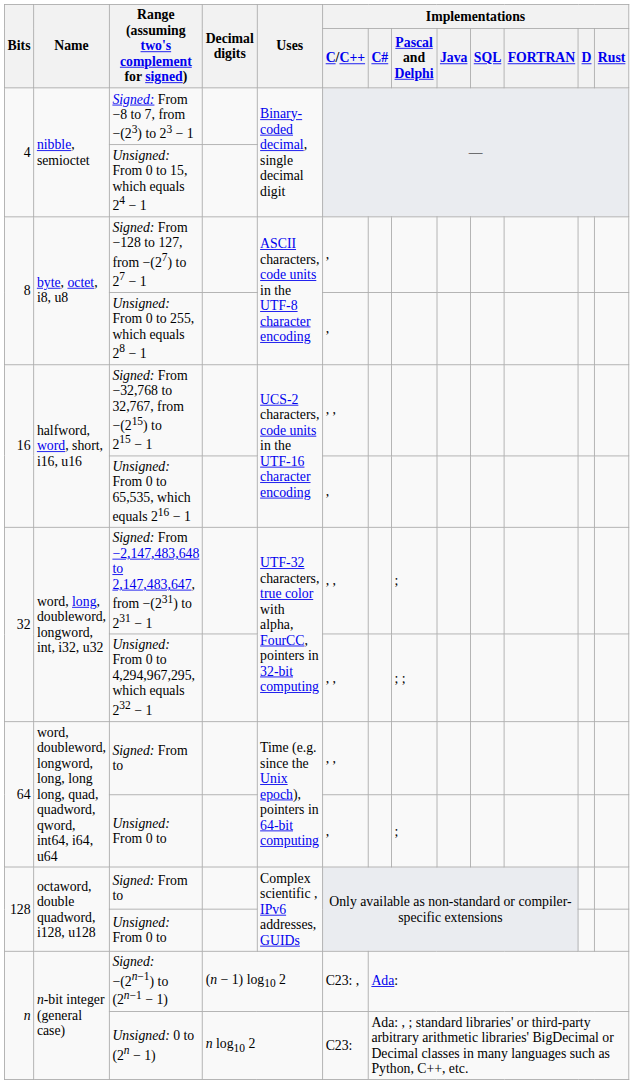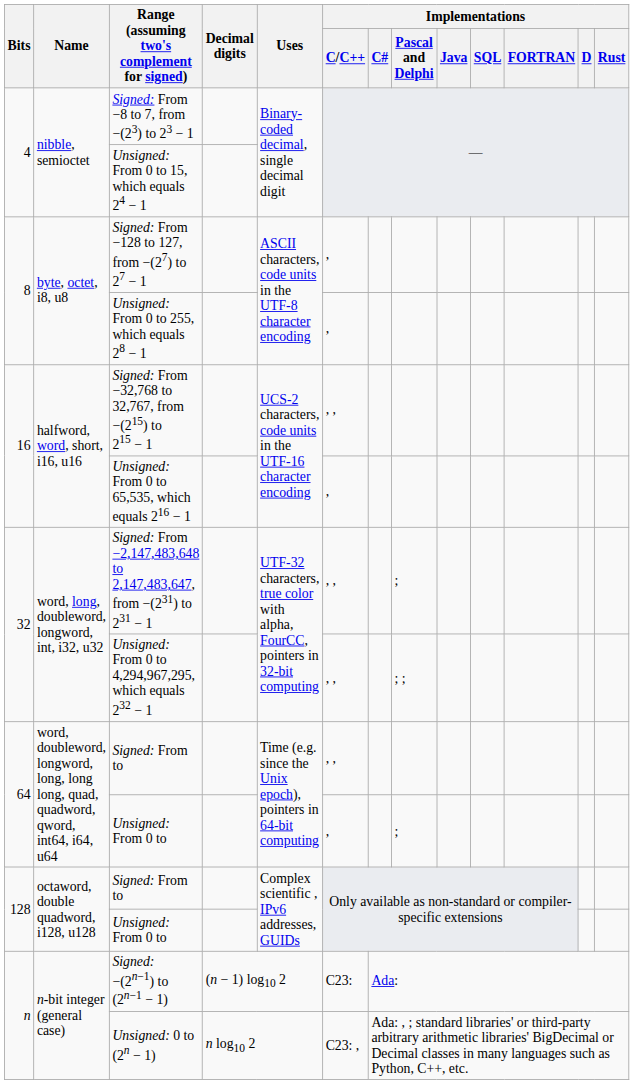 <table class="wikitable">
 <tr>
 <th rowspan="2">Bits</th>
 <th rowspan="2">Name</th>
 <th rowspan="2">Range (assuming <a href='#'>two's complement</a> for <a href='#'>signed</a>)</th>
 <th rowspan="2">Decimal digits</th>
 <th rowspan="2">Uses</th>
 <th colspan="8" scope="col">Implementations</th>
 </tr>
 <tr>
 <th><a href='#'>C</a>/<a href='#'>C++</a></th>
 <th><a href='#'>C#</a></th>
 <th><a href='#'>Pascal</a> and <a href='#'>Delphi</a></th>
 <th><a href='#'>Java</a></th>
 <th><a href='#'>SQL</a></th>
 <th><a href='#'>FORTRAN</a></th>
 <th><a href='#'>D</a></th>
 <th><a href='#'>Rust</a></th>
 </tr>
 <tr>
 <td rowspan="2" style="text-align: right;">4</td>
 <td rowspan="2"><a href='#'>nibble</a>, semioctet</td>
 <td><em><a href='#'>Signed:</a></em> From −8 to 7, from −(2<sup>3</sup>) to 2<sup>3</sup> − 1</td>
 <td style="text-align: right;"></td>
 <td rowspan="2"><a href='#'>Binary-coded decimal</a>, single decimal digit </td>
 <td colspan="8" rowspan="2" style="text-align: center; background: #eaecf0;">—</td>
 </tr>
 <tr>
 <td><em>Unsigned:</em> From 0 to 15, which equals 2<sup>4</sup> − 1</td>
 <td style="text-align: right;"></td>
 </tr>
 <tr>
 <td rowspan="2" style="text-align:right;">8</td>
 <td rowspan="2"><a href='#'>byte</a>, <a href='#'>octet</a>, i8, u8</td>
 <td><em>Signed:</em> From −128 to 127, from −(2<sup>7</sup>) to 2<sup>7</sup> − 1</td>
 <td style="text-align: right;"></td>
 <td rowspan="2"><a href='#'>ASCII</a> characters, <a href='#'>code units</a> in the <a href='#'>UTF-8</a> <a href='#'>character encoding</a></td>
 <td>, </td>
 <td></td>
 <td></td>
 <td></td>
 <td></td>
 <td></td>
 <td></td>
 <td></td>
 </tr>
 <tr>
 <td><em>Unsigned:</em> From 0 to 255, which equals 2<sup>8</sup> − 1</td>
 <td style="text-align: right;"></td>
 <td>, </td>
 <td></td>
 <td></td>
 <td></td>
 <td></td>
 <td></td>
 <td></td>
 <td></td>
 </tr>
 <tr>
 <td rowspan="2" style="text-align: right;">16</td>
 <td rowspan="2">halfword, <a href='#'>word</a>, short, i16, u16</td>
 <td><em>Signed:</em> From −32,768 to 32,767, from −(2<sup>15</sup>) to 2<sup>15</sup> − 1</td>
 <td style="text-align: right;"></td>
 <td rowspan="2"><a href='#'>UCS-2</a> characters, <a href='#'>code units</a> in the <a href='#'>UTF-16</a> <a href='#'>character encoding</a></td>
 <td>, , </td>
 <td></td>
 <td></td>
 <td></td>
 <td></td>
 <td></td>
 <td></td>
 <td></td>
 </tr>
 <tr>
 <td><em>Unsigned:</em> From 0 to 65,535, which equals 2<sup>16</sup> − 1</td>
 <td style="text-align: right;"></td>
 <td>, </td>
 <td></td>
 <td></td>
 <td></td>
 <td></td>
 <td></td>
 <td></td>
 <td></td>
 </tr>
 <tr>
 <td rowspan="2" style="text-align: right;">32</td>
 <td rowspan="2">word, <a href='#'>long</a>, doubleword, longword, int, i32, u32</td>
 <td><em>Signed:</em> From <a href='#'>−2,147,483,648 to 2,147,483,647</a>, from −(2<sup>31</sup>) to 2<sup>31</sup> − 1</td>
 <td style="text-align: right;"></td>
 <td rowspan="2"><a href='#'>UTF-32</a> characters, <a href='#'>true color</a> with alpha, <a href='#'>FourCC</a>, pointers in <a href='#'>32-bit computing</a></td>
 <td>, , </td>
 <td></td>
 <td>; </td>
 <td></td>
 <td></td>
 <td></td>
 <td></td>
 <td></td>
 </tr>
 <tr>
 <td><em>Unsigned:</em> From 0 to 4,294,967,295, which equals 2<sup>32</sup> − 1</td>
 <td style="text-align: right;"></td>
 <td>, , </td>
 <td></td>
 <td>; ; </td>
 <td></td>
 <td></td>
 <td></td>
 <td></td>
 <td></td>
 </tr>
 <tr>
 <td rowspan="2" style="text-align: right;">64</td>
 <td rowspan="2">word, doubleword, longword, long, long long, quad, quadword, qword, int64, i64, u64</td>
 <td><em>Signed:</em> From  to </td>
 <td style="text-align: right;"></td>
 <td rowspan="2">Time (e.g.  since the <a href='#'>Unix epoch</a>), pointers in <a href='#'>64-bit computing</a></td>
 <td>, , </td>
 <td></td>
 <td></td>
 <td></td>
 <td></td>
 <td></td>
 <td></td>
 <td></td>
 </tr>
 <tr>
 <td><em>Unsigned:</em> From 0 to </td>
 <td style="text-align: right;"></td>
 <td>, </td>
 <td></td>
 <td>; </td>
 <td></td>
 <td></td>
 <td></td>
 <td></td>
 <td></td>
 </tr>
 <tr>
 <td rowspan="2" style="text-align: right;">128</td>
 <td rowspan="2">octaword, double quadword, i128, u128</td>
 <td><em>Signed:</em> From  to </td>
 <td style="text-align:right;"></td>
 <td rowspan="2">Complex scientific ,<br><a href='#'>IPv6</a> addresses, <a href='#'>GUIDs</a></td>
 <td colspan="6" rowspan="2" style="text-align: center; background: #eaecf0;">Only available as non-standard or compiler-specific extensions</td>
 <td></td>
 <td></td>
 </tr>
 <tr>
 <td><em>Unsigned:</em> From 0 to </td>
 <td style="text-align: right;"></td>
 <td></td>
 <td></td>
 </tr>
 <tr>
 <td rowspan="2" style="text-align: right;"><em>n</em></td>
 <td rowspan="2"><em>n</em>-bit integer<br> (general case)</td>
 <td><em>Signed:</em> −(2<sup><em>n</em>−1</sup>) to (2<sup><em>n</em>−1</sup> − 1)</td>
 <td colspan="2">(<em>n</em> − 1) log<sub>10</sub> 2</td>
-<td>C23: , </td>
+<td>C23: </td>
 <td colspan="7"><a href='#'>Ada</a>: </td>
 </tr>
 <tr>
 <td><em>Unsigned:</em> 0 to (2<sup><em>n</em></sup> − 1)</td>
 <td colspan="2"><em>n</em> log<sub>10</sub> 2</td>
-<td>C23: </td>
+<td>C23: , </td>
 <td colspan="7">Ada: , ; standard libraries' or third-party arbitrary arithmetic libraries' BigDecimal or Decimal classes in many languages such as Python, C++, etc.</td>
 </tr>
 </table>
